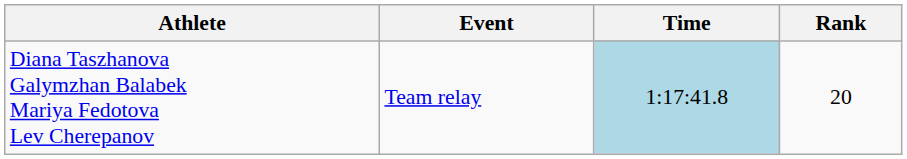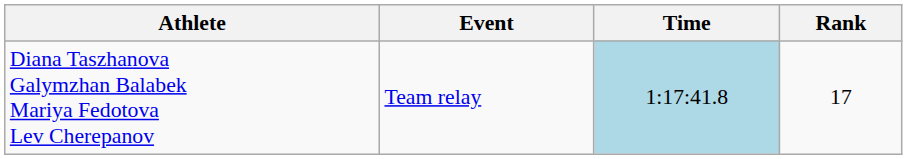 <table class="wikitable" style="text-align:center; font-size:90%; width:30%;">
 <tr>
 <th>Athlete</th>
 <th>Event</th>
 <th>Time</th>
 <th>Rank</th>
 </tr>
 <tr>
 <td align=left><a href='#'>Diana Taszhanova</a><br><a href='#'>Galymzhan Balabek</a><br><a href='#'>Mariya Fedotova</a><br><a href='#'>Lev Cherepanov</a></td>
 <td align=left><a href='#'>Team relay</a></td>
 <td style="background: lightblue;">1:17:41.8</td>
-<td>20</td>
+<td>17</td>
 </tr>
 </table>
